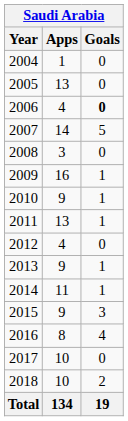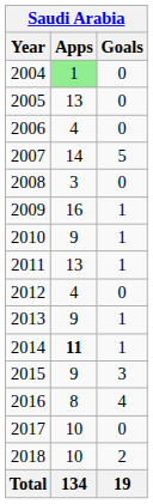 <table class="wikitable" style="text-align:center">
 <tr>
 <th colspan=3><a href='#'>Saudi Arabia</a></th>
 </tr>
 <tr>
 <th>Year</th>
 <th>Apps</th>
 <th>Goals</th>
 </tr>
 <tr>
 <td>2004</td>
-<td>1</td>
+<td style="background: lightgreen;">1</td>
 <td>0</td>
 </tr>
 <tr>
 <td>2005</td>
 <td>13</td>
 <td>0</td>
 </tr>
 <tr>
 <td>2006</td>
 <td>4</td>
-<td><strong>0</strong></td>
+<td>0</td>
 </tr>
 <tr>
 <td>2007</td>
 <td>14</td>
 <td>5</td>
 </tr>
 <tr>
 <td>2008</td>
 <td>3</td>
 <td>0</td>
 </tr>
 <tr>
 <td>2009</td>
 <td>16</td>
 <td>1</td>
 </tr>
 <tr>
 <td>2010</td>
 <td>9</td>
 <td>1</td>
 </tr>
 <tr>
 <td>2011</td>
 <td>13</td>
 <td>1</td>
 </tr>
 <tr>
 <td>2012</td>
 <td>4</td>
 <td>0</td>
 </tr>
 <tr>
 <td>2013</td>
 <td>9</td>
 <td>1</td>
 </tr>
 <tr>
 <td>2014</td>
-<td>11</td>
+<td><strong>11</strong></td>
 <td>1</td>
 </tr>
 <tr>
 <td>2015</td>
 <td>9</td>
 <td>3</td>
 </tr>
 <tr>
 <td>2016</td>
 <td>8</td>
 <td>4</td>
 </tr>
 <tr>
 <td>2017</td>
 <td>10</td>
 <td>0</td>
 </tr>
 <tr>
 <td>2018</td>
 <td>10</td>
 <td>2</td>
 </tr>
 <tr>
 <th>Total</th>
 <th>134</th>
 <th>19</th>
 </tr>
 </table>
